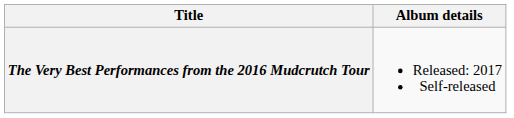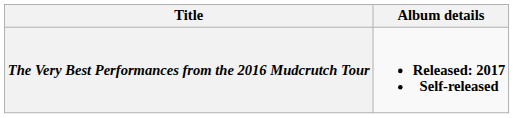 <table class="wikitable plainrowheaders" style="text-align:center;">
 <tr>
 <th scope="col">Title</th>
 <th scope="col">Album details</th>
 </tr>
 <tr>
 <th scope="row"><em>The Very Best Performances from the 2016 Mudcrutch Tour</em></th>
-<td><br><ul><li>Released: 2017</li><li>Self-released</li></ul></td>
+<td><strong><br><ul><li>Released: 2017</li><li>Self-released</li></ul></strong></td>
 </tr>
 </table>
